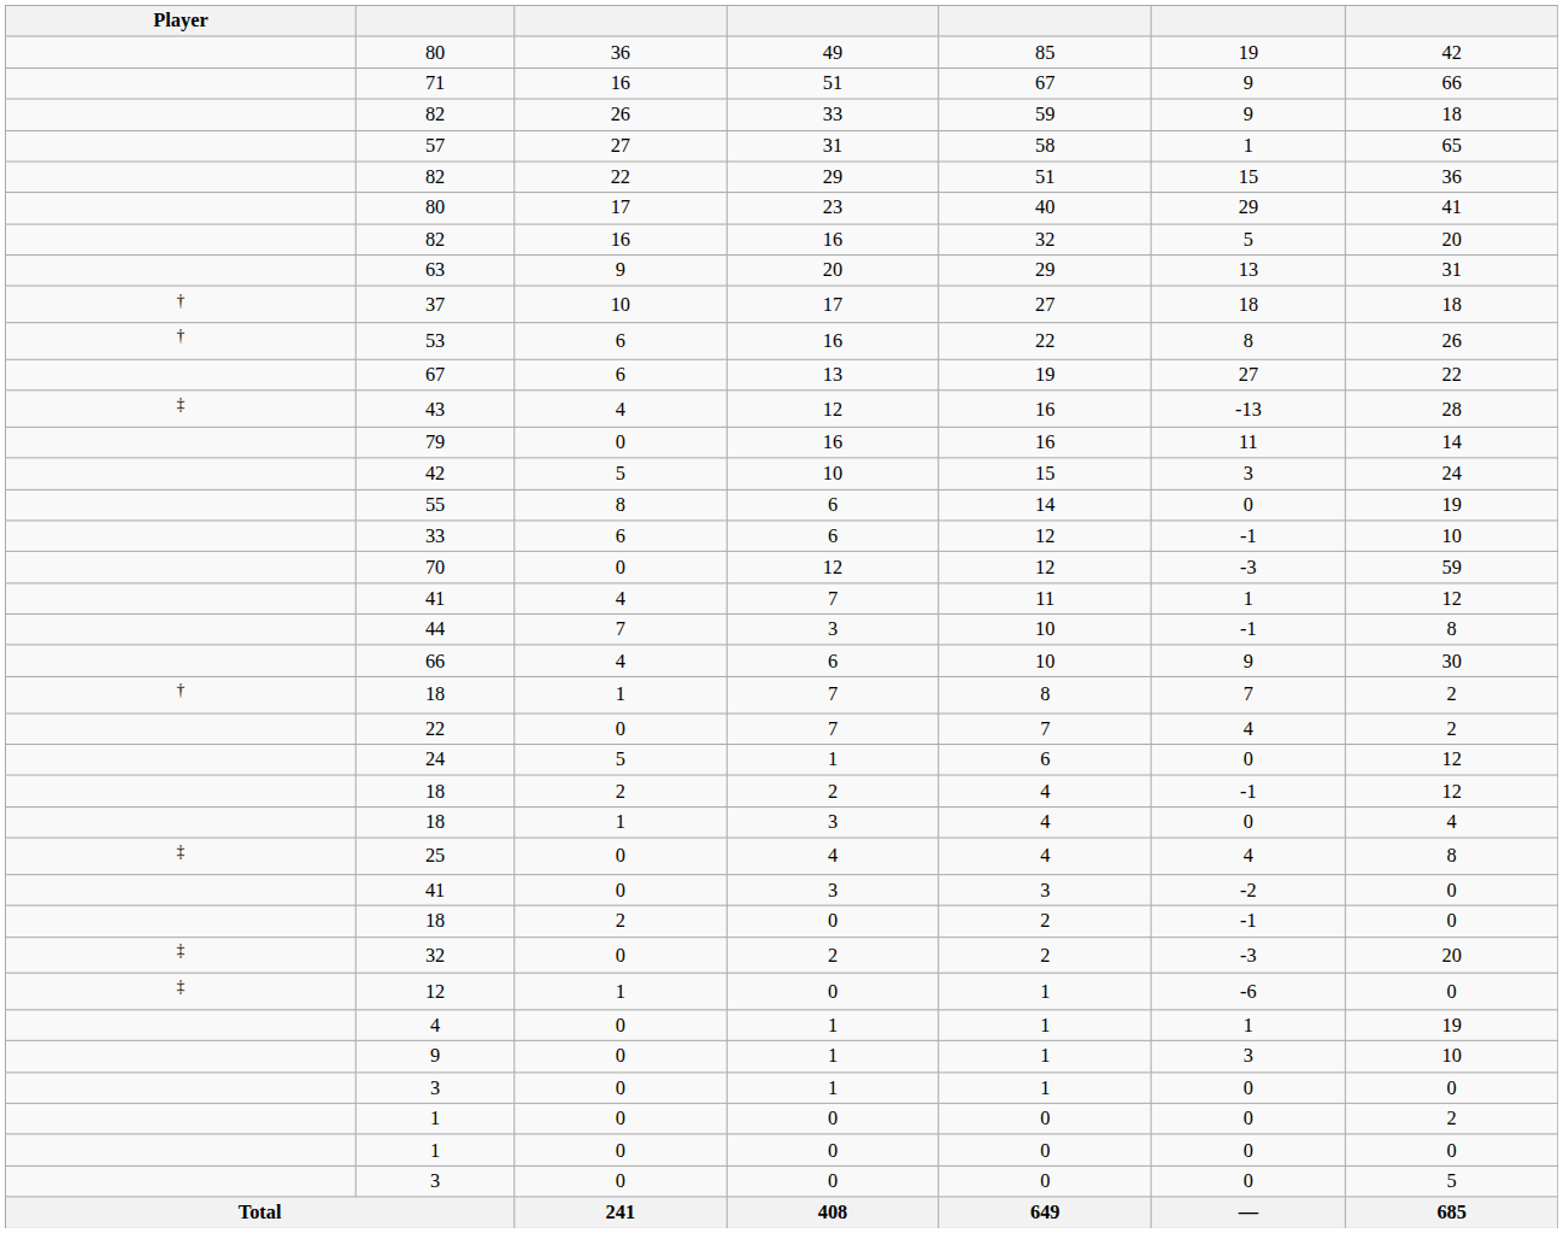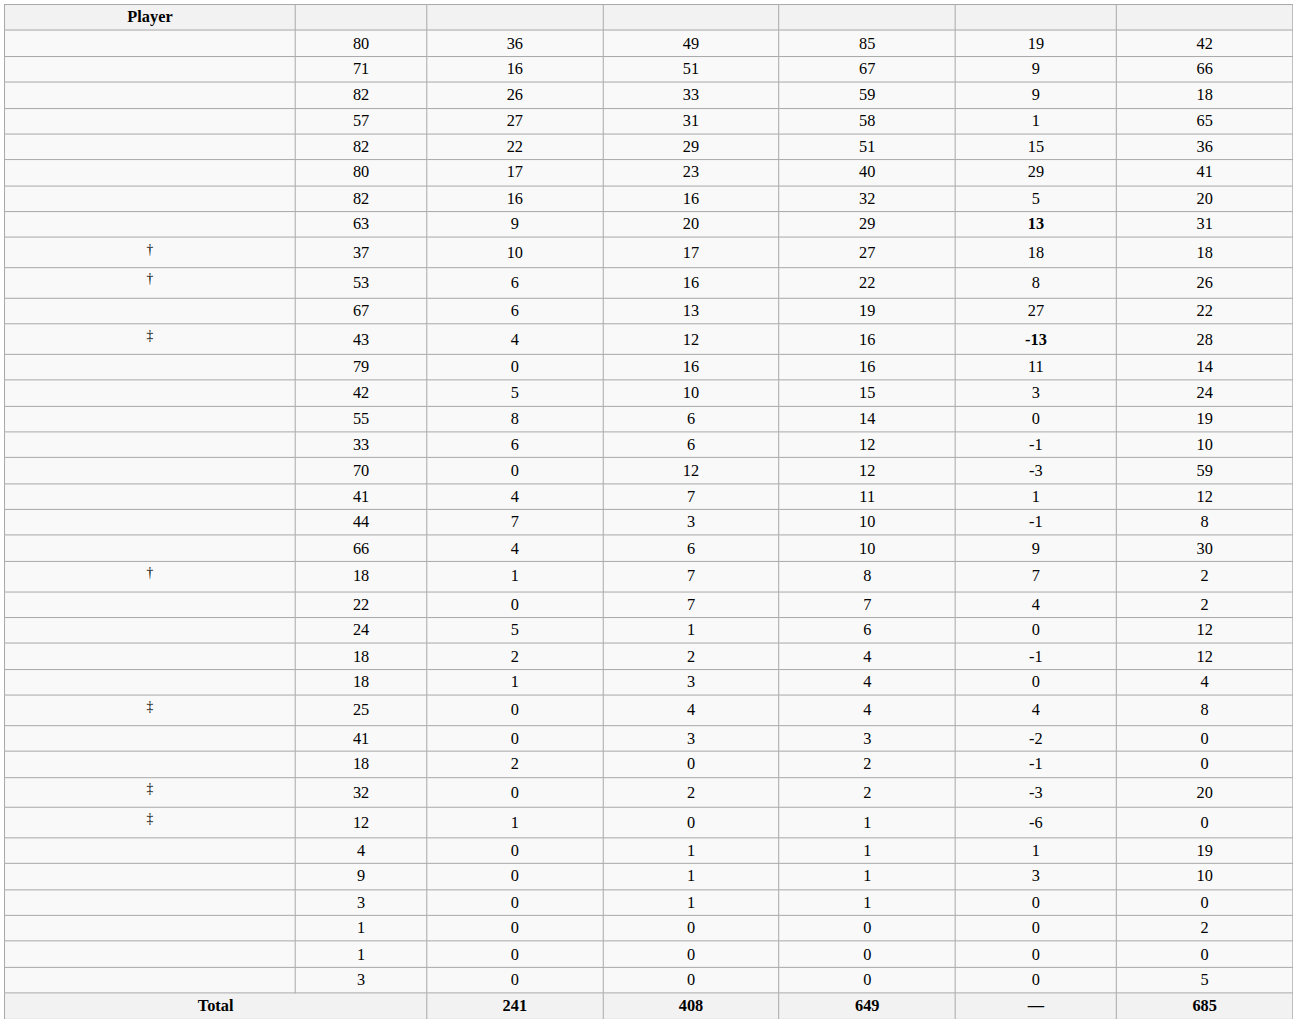 <table class="wikitable sortable" style="width:100%; text-align:center;">
 <tr align=center>
 <th>Player</th>
 <th></th>
 <th></th>
 <th></th>
 <th></th>
 <th data-sort-type="number"></th>
 <th></th>
 </tr>
 <tr>
 <td></td>
 <td>80</td>
 <td>36</td>
 <td>49</td>
 <td>85</td>
 <td>19</td>
 <td>42</td>
 </tr>
 <tr>
 <td></td>
 <td>71</td>
 <td>16</td>
 <td>51</td>
 <td>67</td>
 <td>9</td>
 <td>66</td>
 </tr>
 <tr>
 <td></td>
 <td>82</td>
 <td>26</td>
 <td>33</td>
 <td>59</td>
 <td>9</td>
 <td>18</td>
 </tr>
 <tr>
 <td></td>
 <td>57</td>
 <td>27</td>
 <td>31</td>
 <td>58</td>
 <td>1</td>
 <td>65</td>
 </tr>
 <tr>
 <td></td>
 <td>82</td>
 <td>22</td>
 <td>29</td>
 <td>51</td>
 <td>15</td>
 <td>36</td>
 </tr>
 <tr>
 <td></td>
 <td>80</td>
 <td>17</td>
 <td>23</td>
 <td>40</td>
 <td>29</td>
 <td>41</td>
 </tr>
 <tr>
 <td></td>
 <td>82</td>
 <td>16</td>
 <td>16</td>
 <td>32</td>
 <td>5</td>
 <td>20</td>
 </tr>
 <tr>
 <td></td>
 <td>63</td>
 <td>9</td>
 <td>20</td>
 <td>29</td>
-<td>13</td>
+<td><strong>13</strong></td>
 <td>31</td>
 </tr>
 <tr>
 <td><sup>†</sup></td>
 <td>37</td>
 <td>10</td>
 <td>17</td>
 <td>27</td>
 <td>18</td>
 <td>18</td>
 </tr>
 <tr>
 <td><sup>†</sup></td>
 <td>53</td>
 <td>6</td>
 <td>16</td>
 <td>22</td>
 <td>8</td>
 <td>26</td>
 </tr>
 <tr>
 <td></td>
 <td>67</td>
 <td>6</td>
 <td>13</td>
 <td>19</td>
 <td>27</td>
 <td>22</td>
 </tr>
 <tr>
 <td><sup>‡</sup></td>
 <td>43</td>
 <td>4</td>
 <td>12</td>
 <td>16</td>
-<td>-13</td>
+<td><strong>-13</strong></td>
 <td>28</td>
 </tr>
 <tr>
 <td></td>
 <td>79</td>
 <td>0</td>
 <td>16</td>
 <td>16</td>
 <td>11</td>
 <td>14</td>
 </tr>
 <tr>
 <td></td>
 <td>42</td>
 <td>5</td>
 <td>10</td>
 <td>15</td>
 <td>3</td>
 <td>24</td>
 </tr>
 <tr>
 <td></td>
 <td>55</td>
 <td>8</td>
 <td>6</td>
 <td>14</td>
 <td>0</td>
 <td>19</td>
 </tr>
 <tr>
 <td></td>
 <td>33</td>
 <td>6</td>
 <td>6</td>
 <td>12</td>
 <td>-1</td>
 <td>10</td>
 </tr>
 <tr>
 <td></td>
 <td>70</td>
 <td>0</td>
 <td>12</td>
 <td>12</td>
 <td>-3</td>
 <td>59</td>
 </tr>
 <tr>
 <td></td>
 <td>41</td>
 <td>4</td>
 <td>7</td>
 <td>11</td>
 <td>1</td>
 <td>12</td>
 </tr>
 <tr>
 <td></td>
 <td>44</td>
 <td>7</td>
 <td>3</td>
 <td>10</td>
 <td>-1</td>
 <td>8</td>
 </tr>
 <tr>
 <td></td>
 <td>66</td>
 <td>4</td>
 <td>6</td>
 <td>10</td>
 <td>9</td>
 <td>30</td>
 </tr>
 <tr>
 <td><sup>†</sup></td>
 <td>18</td>
 <td>1</td>
 <td>7</td>
 <td>8</td>
 <td>7</td>
 <td>2</td>
 </tr>
 <tr>
 <td></td>
 <td>22</td>
 <td>0</td>
 <td>7</td>
 <td>7</td>
 <td>4</td>
 <td>2</td>
 </tr>
 <tr>
 <td></td>
 <td>24</td>
 <td>5</td>
 <td>1</td>
 <td>6</td>
 <td>0</td>
 <td>12</td>
 </tr>
 <tr>
 <td></td>
 <td>18</td>
 <td>2</td>
 <td>2</td>
 <td>4</td>
 <td>-1</td>
 <td>12</td>
 </tr>
 <tr>
 <td></td>
 <td>18</td>
 <td>1</td>
 <td>3</td>
 <td>4</td>
 <td>0</td>
 <td>4</td>
 </tr>
 <tr>
 <td><sup>‡</sup></td>
 <td>25</td>
 <td>0</td>
 <td>4</td>
 <td>4</td>
 <td>4</td>
 <td>8</td>
 </tr>
 <tr>
 <td></td>
 <td>41</td>
 <td>0</td>
 <td>3</td>
 <td>3</td>
 <td>-2</td>
 <td>0</td>
 </tr>
 <tr>
 <td></td>
 <td>18</td>
 <td>2</td>
 <td>0</td>
 <td>2</td>
 <td>-1</td>
 <td>0</td>
 </tr>
 <tr>
 <td><sup>‡</sup></td>
 <td>32</td>
 <td>0</td>
 <td>2</td>
 <td>2</td>
 <td>-3</td>
 <td>20</td>
 </tr>
 <tr>
 <td><sup>‡</sup></td>
 <td>12</td>
 <td>1</td>
 <td>0</td>
 <td>1</td>
 <td>-6</td>
 <td>0</td>
 </tr>
 <tr>
 <td></td>
 <td>4</td>
 <td>0</td>
 <td>1</td>
 <td>1</td>
 <td>1</td>
 <td>19</td>
 </tr>
 <tr>
 <td></td>
 <td>9</td>
 <td>0</td>
 <td>1</td>
 <td>1</td>
 <td>3</td>
 <td>10</td>
 </tr>
 <tr>
 <td></td>
 <td>3</td>
 <td>0</td>
 <td>1</td>
 <td>1</td>
 <td>0</td>
 <td>0</td>
 </tr>
 <tr>
 <td></td>
 <td>1</td>
 <td>0</td>
 <td>0</td>
 <td>0</td>
 <td>0</td>
 <td>2</td>
 </tr>
 <tr>
 <td></td>
 <td>1</td>
 <td>0</td>
 <td>0</td>
 <td>0</td>
 <td>0</td>
 <td>0</td>
 </tr>
 <tr>
 <td></td>
 <td>3</td>
 <td>0</td>
 <td>0</td>
 <td>0</td>
 <td>0</td>
 <td>5</td>
 </tr>
 <tr class="sortbottom">
 <th colspan=2>Total</th>
 <th>241</th>
 <th>408</th>
 <th>649</th>
 <th>—</th>
 <th>685</th>
 </tr>
 </table>
